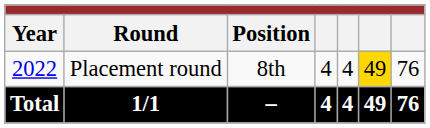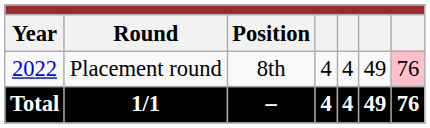 <table class="wikitable" style="text-align: center;">
 <tr>
 <th style="background:#99292D;" colspan="7"><a href='#'></a></th>
 </tr>
 <tr>
 <th>Year</th>
 <th>Round</th>
 <th>Position</th>
 <th></th>
 <th></th>
 <th></th>
 <th></th>
 </tr>
 <tr>
 <td> <a href='#'>2022</a></td>
 <td>Placement round</td>
 <td>8th</td>
 <td>4</td>
 <td>4</td>
-<td style="background: gold;">49</td>
-<td>76</td>
+<td>49</td>
+<td style="background: pink;">76</td>
 </tr>
 <tr>
 <th style="color:white; background:#000000;">Total</th>
 <th style="color:white; background:#000000;">1/1</th>
 <th style="color:white; background:#000000;">–</th>
 <th style="color:white; background:#000000;">4</th>
 <th style="color:white; background:#000000;">4</th>
 <th style="color:white; background:#000000;">49</th>
 <th style="color:white; background:#000000;">76</th>
 </tr>
 </table>
